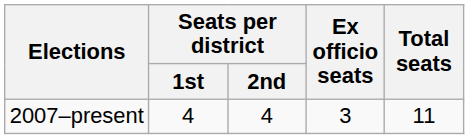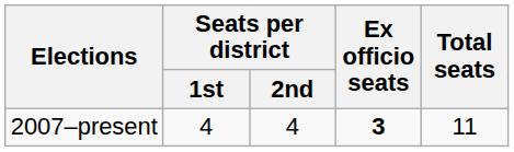 <table class="wikitable">
 <tr>
 <th rowspan="2">Elections</th>
 <th colspan="2">Seats per district</th>
 <th rowspan="2" width="50px">Ex officio seats</th>
 <th rowspan="2" width="50px">Total seats</th>
 </tr>
 <tr>
 <th width="50px">1st</th>
 <th width="50px">2nd</th>
 </tr>
 <tr align=center>
 <td>2007–present</td>
 <td>4</td>
 <td>4</td>
-<td>3</td>
+<td><strong>3</strong></td>
 <td>11</td>
 </tr>
 </table>
